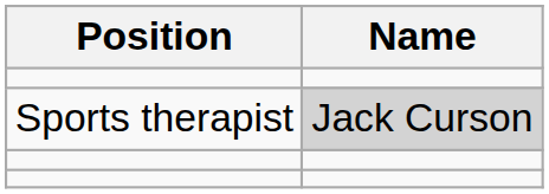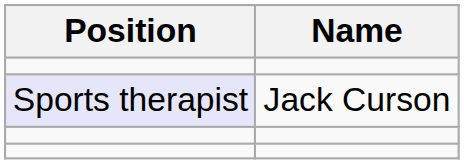 <table class="wikitable">
 <tr>
 <th>Position</th>
 <th>Name</th>
 </tr>
 <tr>
 <td></td>
 <td></td>
 </tr>
 <tr>
-<td>Sports therapist</td>
-<td style="background: lightgrey;">Jack Curson</td>
+<td style="background: lavender;">Sports therapist</td>
+<td>Jack Curson</td>
 </tr>
 <tr>
 <td></td>
 <td></td>
 </tr>
 <tr>
 <td></td>
 <td></td>
 </tr>
 </table>
